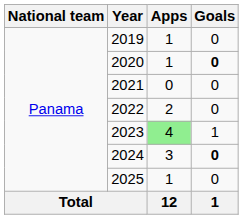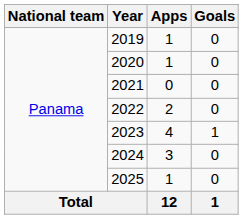 <table class="wikitable" style="text-align:center">
 <tr>
 <th>National team</th>
 <th>Year</th>
 <th>Apps</th>
 <th>Goals</th>
 </tr>
 <tr>
 <td rowspan="7"><a href='#'>Panama</a></td>
 <td>2019</td>
 <td>1</td>
 <td>0</td>
 </tr>
 <tr>
 <td>2020</td>
 <td>1</td>
-<td><strong>0</strong></td>
+<td>0</td>
 </tr>
 <tr>
 <td>2021</td>
 <td>0</td>
 <td>0</td>
 </tr>
 <tr>
 <td>2022</td>
 <td>2</td>
 <td>0</td>
 </tr>
 <tr>
 <td>2023</td>
-<td style="background: lightgreen;">4</td>
+<td>4</td>
 <td>1</td>
 </tr>
 <tr>
 <td>2024</td>
 <td>3</td>
-<td><strong>0</strong></td>
+<td>0</td>
 </tr>
 <tr>
 <td>2025</td>
 <td>1</td>
 <td>0</td>
 </tr>
 <tr>
 <th colspan="2">Total</th>
 <th>12</th>
 <th>1</th>
 </tr>
 </table>
